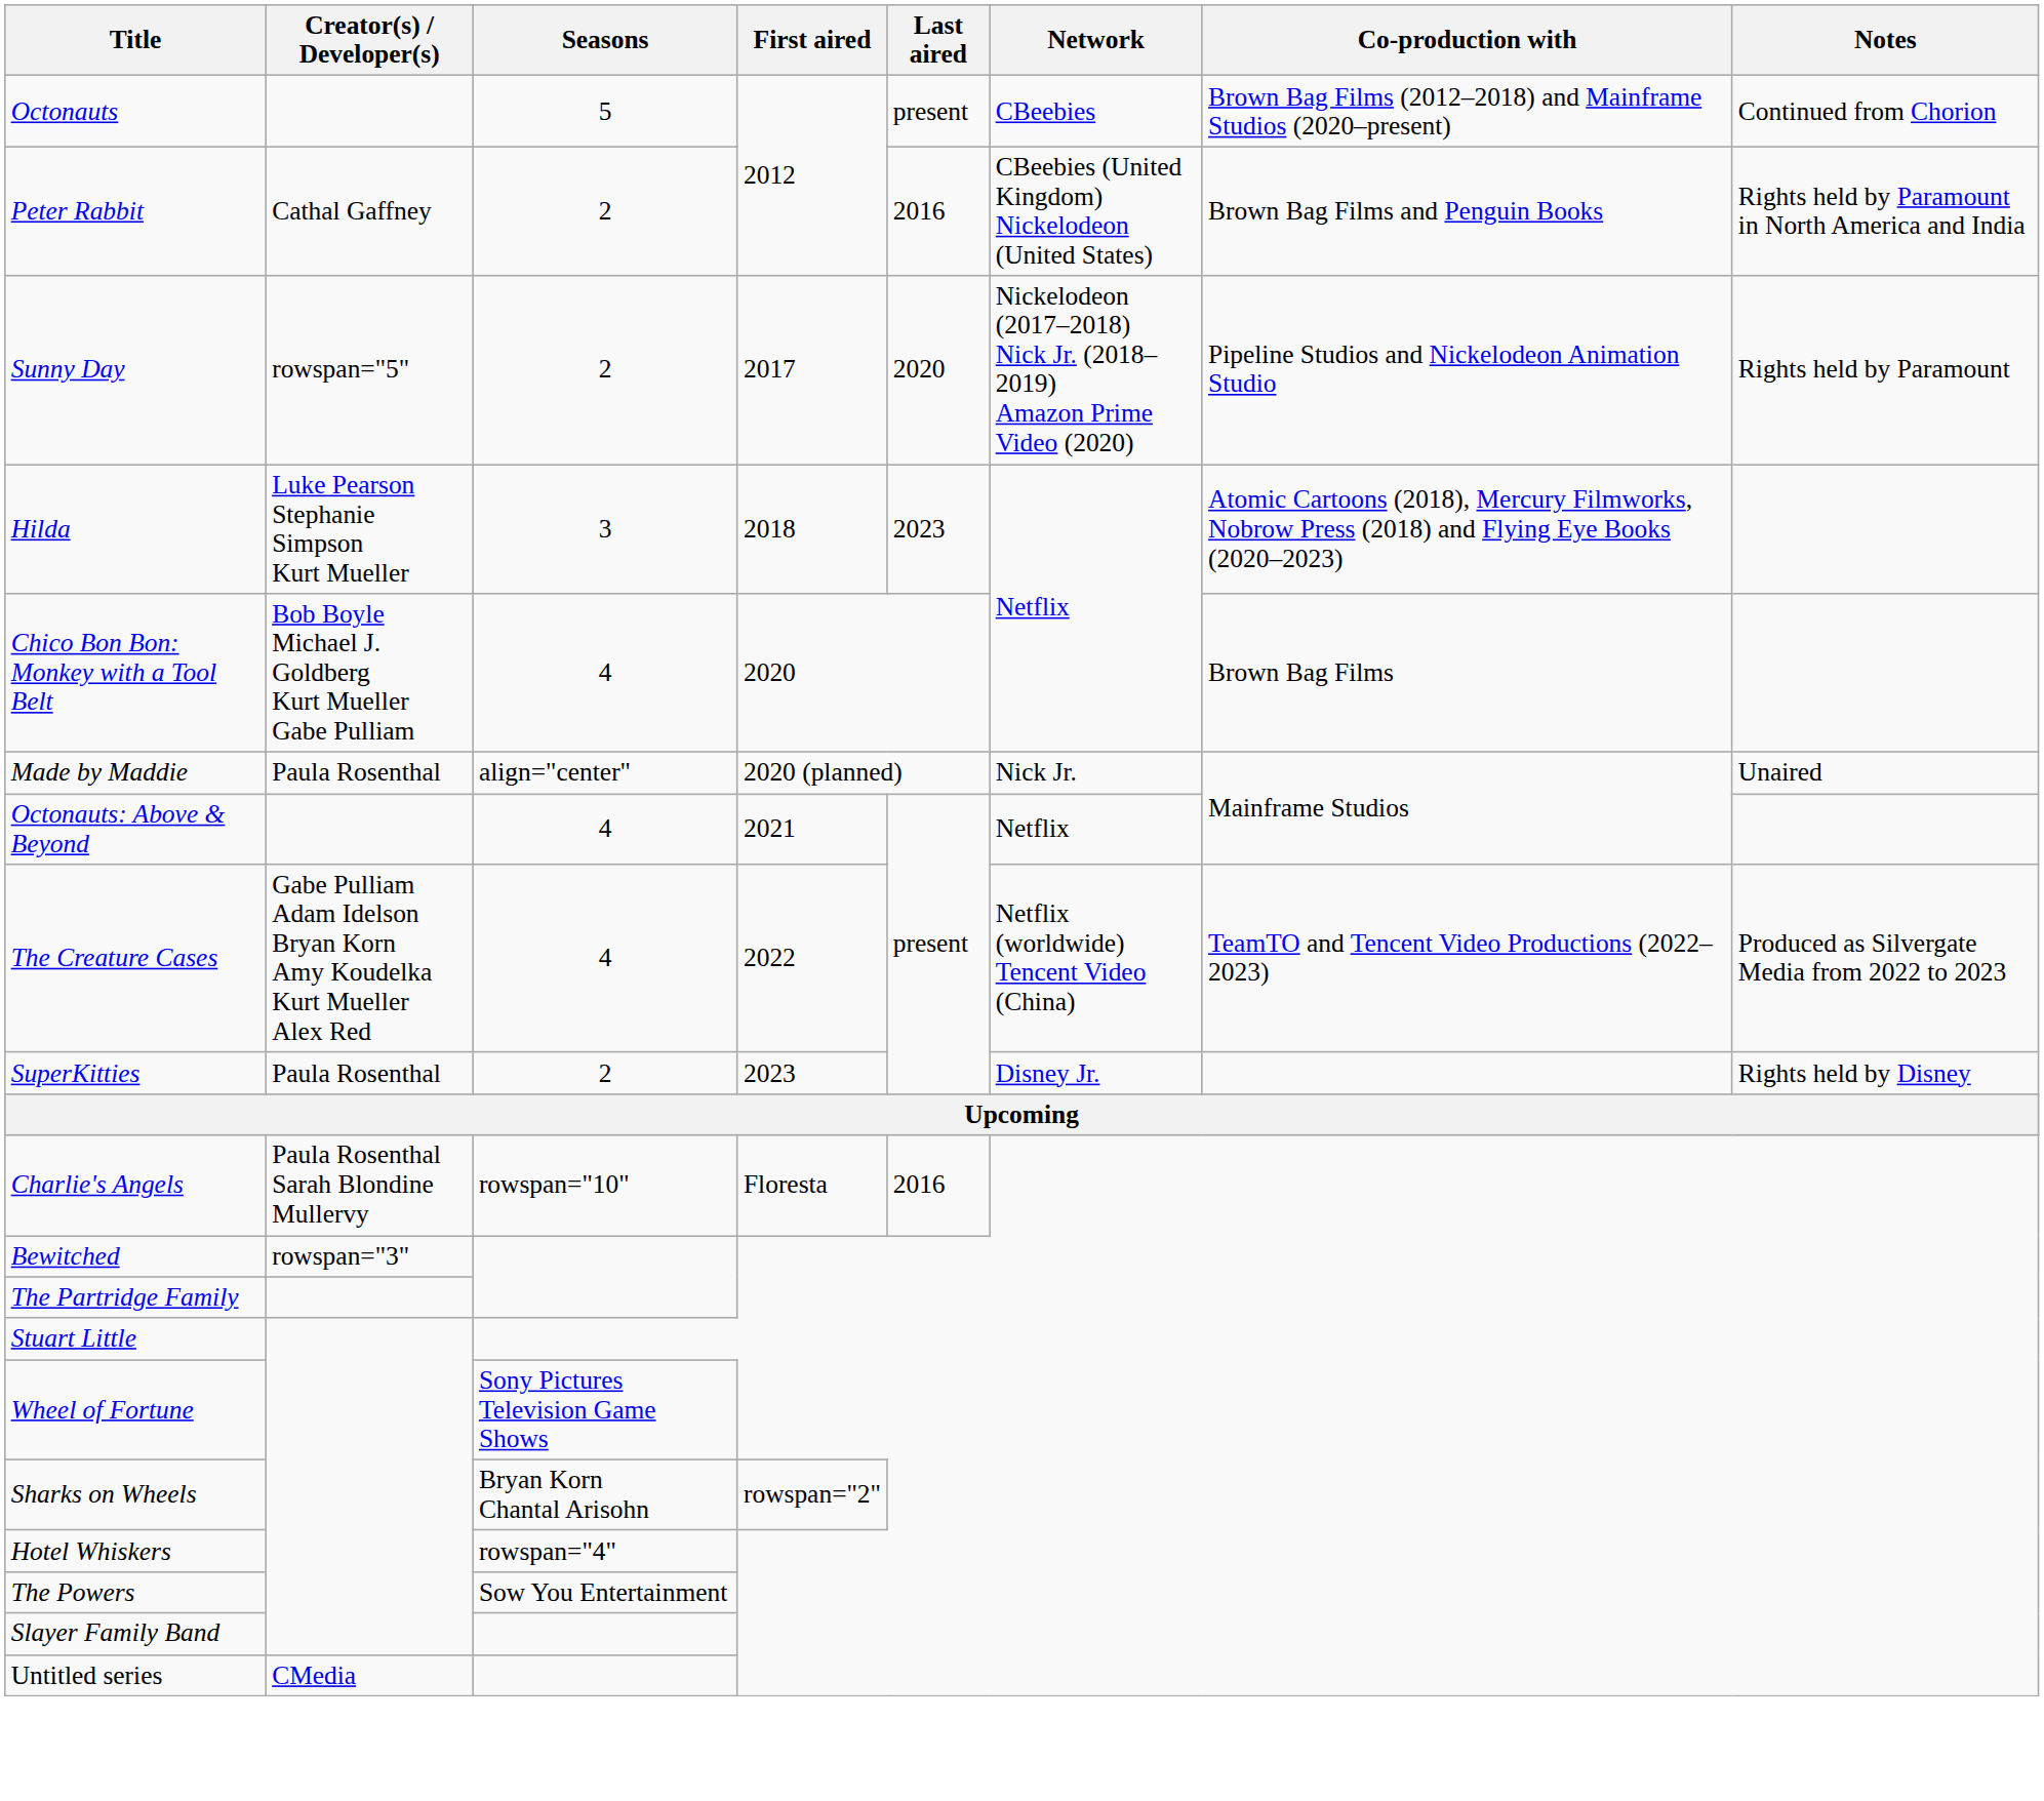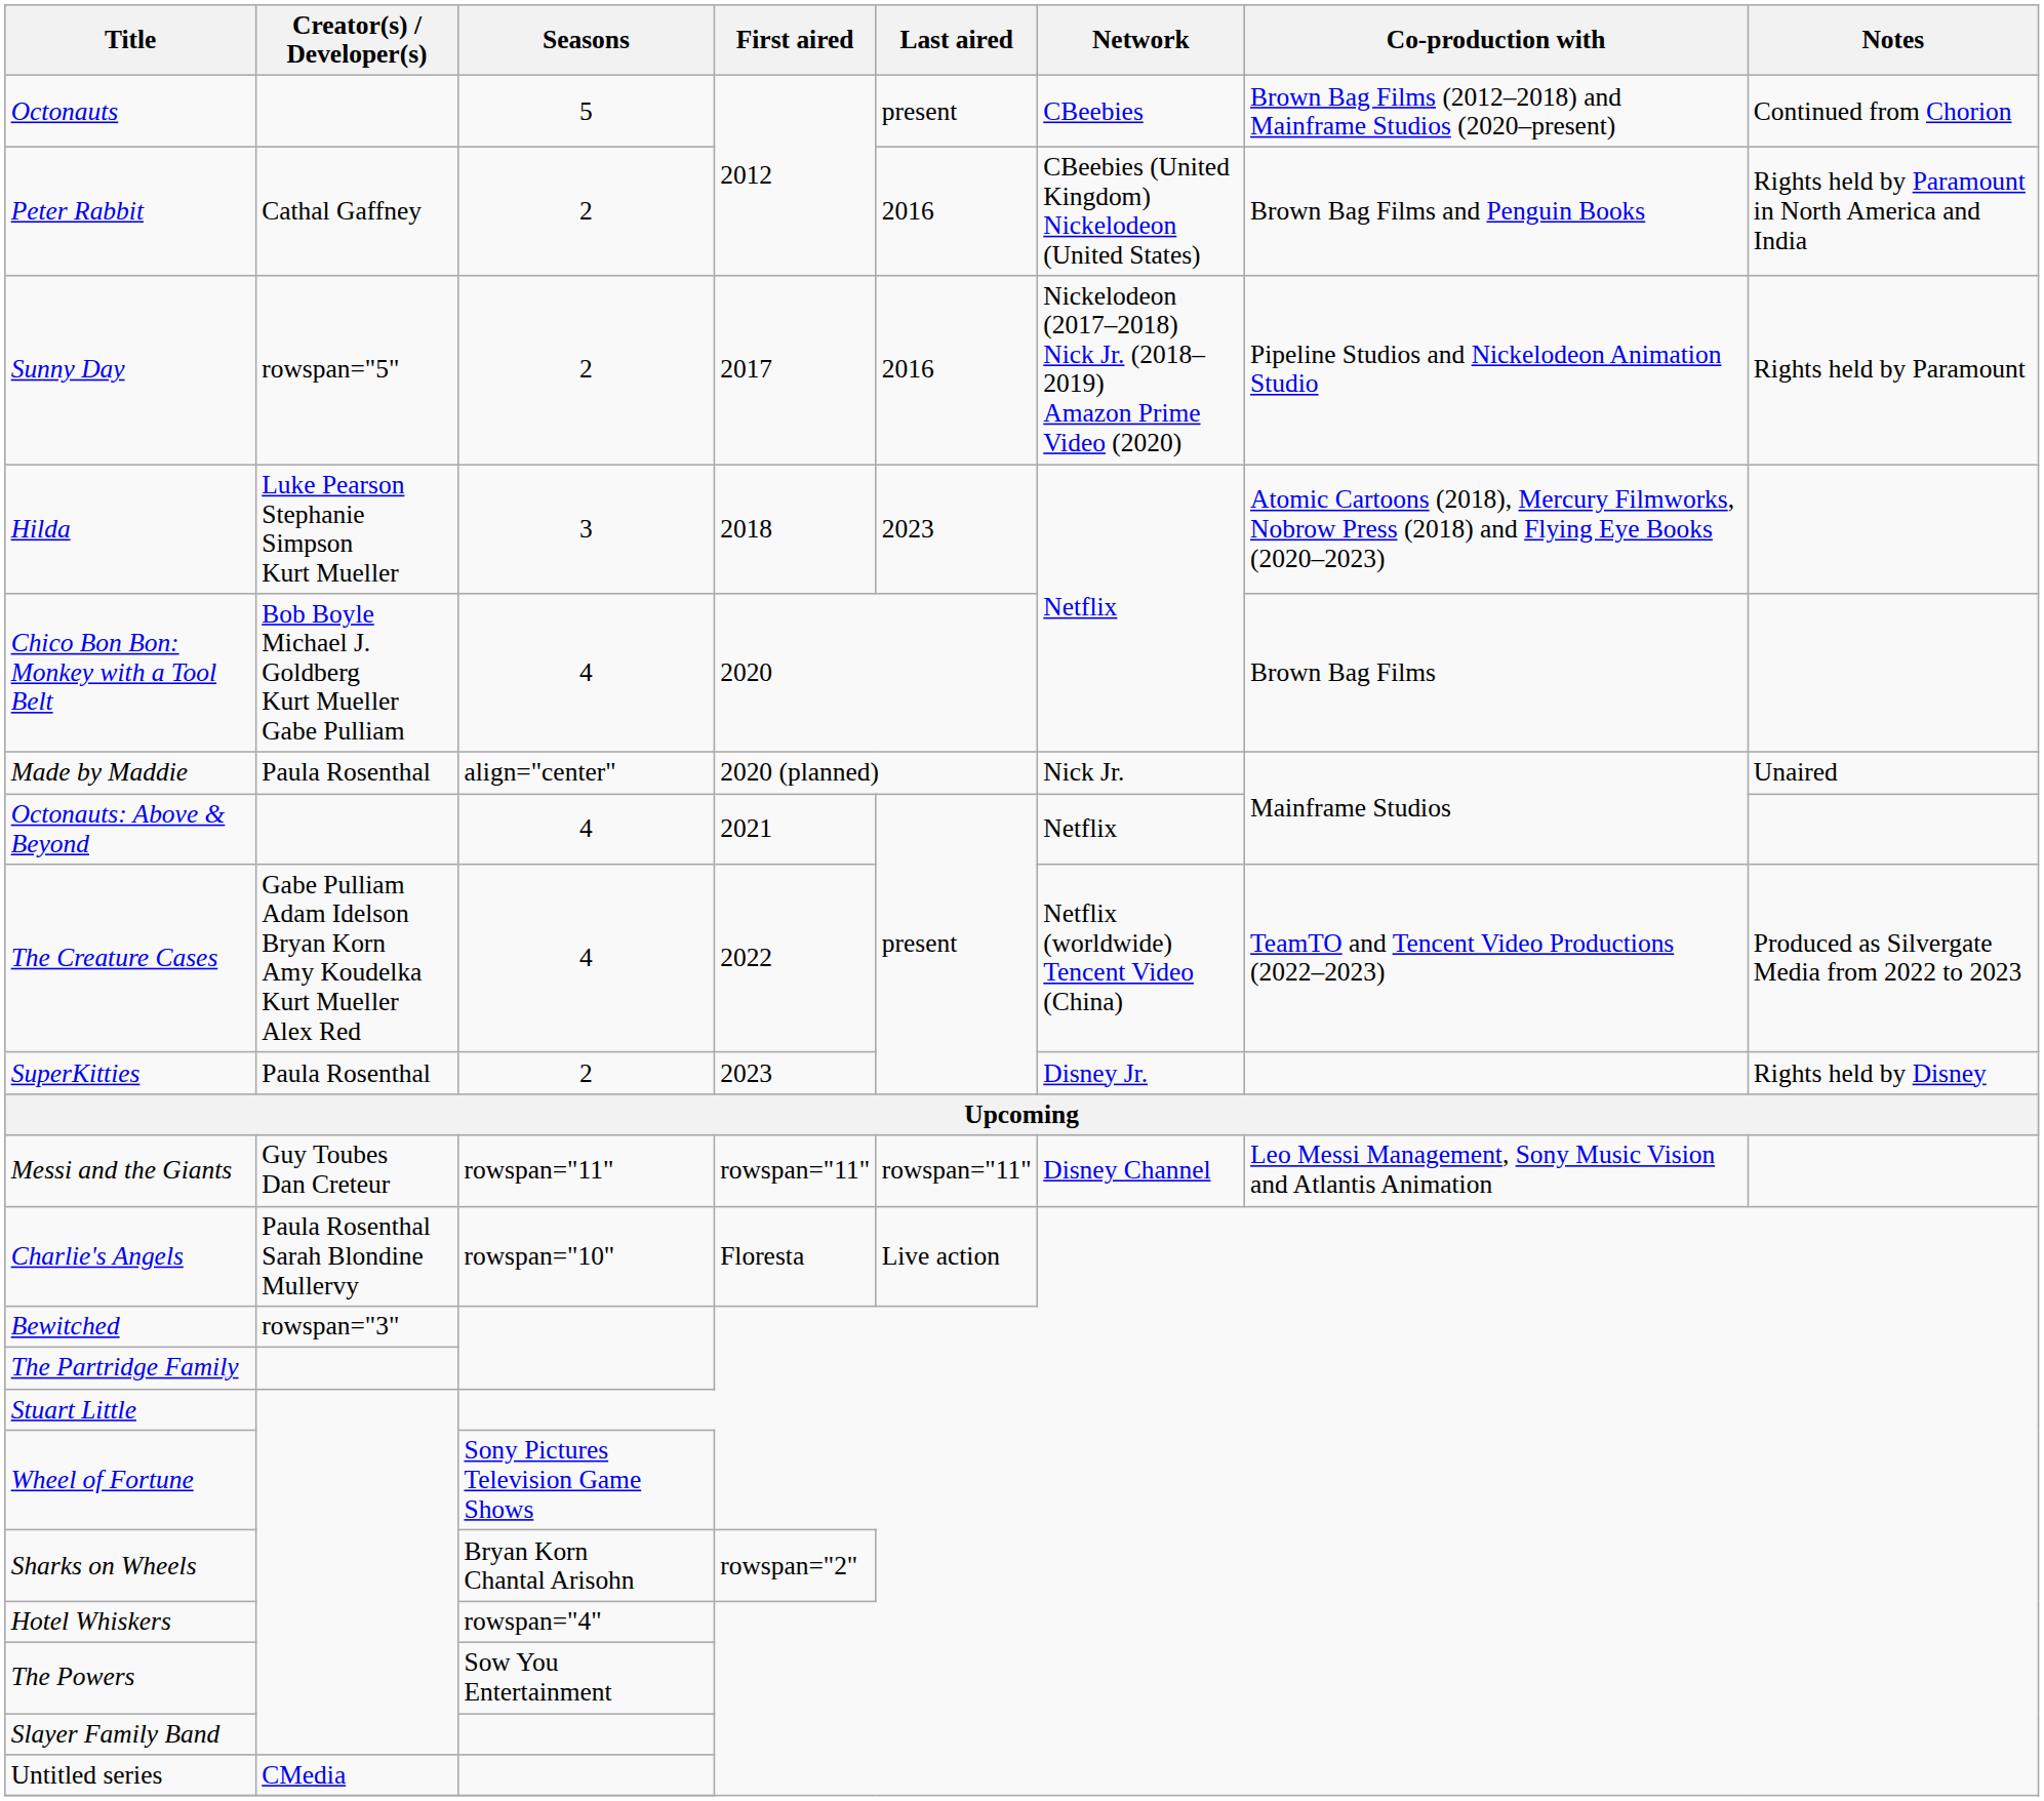 <table class="wikitable sortable">
 <tr>
 <th>Title</th>
 <th>Creator(s) / Developer(s)</th>
 <th>Seasons</th>
 <th>First aired</th>
 <th>Last aired</th>
 <th>Network</th>
 <th>Co-production with</th>
 <th>Notes</th>
 </tr>
 <tr>
 <td><em><a href='#'>Octonauts</a></em></td>
 <td></td>
 <td align="center">5</td>
 <td rowspan="2">2012</td>
 <td>present</td>
 <td><a href='#'>CBeebies</a></td>
 <td><a href='#'>Brown Bag Films</a> (2012–2018) and <a href='#'>Mainframe Studios</a> (2020–present)</td>
 <td>Continued from <a href='#'>Chorion</a></td>
 </tr>
 <tr>
 <td><em><a href='#'>Peter Rabbit</a></em></td>
 <td>Cathal Gaffney</td>
 <td align="center">2</td>
 <td>2016</td>
 <td>CBeebies (United Kingdom)<br><a href='#'>Nickelodeon</a> (United States)</td>
 <td>Brown Bag Films and <a href='#'>Penguin Books</a></td>
 <td>Rights held by <a href='#'>Paramount</a> in North America and India</td>
 </tr>
 <tr>
 <td><em><a href='#'>Sunny Day</a></em></td>
 <td>rowspan="5" </td>
 <td align="center">2</td>
 <td>2017</td>
-<td>2020</td>
+<td>2016</td>
 <td>Nickelodeon (2017–2018)<br><a href='#'>Nick Jr.</a> (2018–2019)<br><a href='#'>Amazon Prime Video</a> (2020)</td>
 <td>Pipeline Studios and <a href='#'>Nickelodeon Animation Studio</a></td>
 <td>Rights held by Paramount</td>
 </tr>
 <tr>
 <td><em><a href='#'>Hilda</a></em></td>
 <td><a href='#'>Luke Pearson</a><br>Stephanie Simpson<br>Kurt Mueller</td>
 <td align="center">3</td>
 <td>2018</td>
 <td>2023</td>
 <td rowspan="2"><a href='#'>Netflix</a></td>
 <td><a href='#'>Atomic Cartoons</a> (2018), <a href='#'>Mercury Filmworks</a>, <a href='#'>Nobrow Press</a> (2018) and <a href='#'>Flying Eye Books</a> (2020–2023)</td>
 <td></td>
 </tr>
 <tr>
 <td><em><a href='#'>Chico Bon Bon: Monkey with a Tool Belt</a></em></td>
 <td><a href='#'>Bob Boyle</a><br>Michael J. Goldberg<br>Kurt Mueller<br>Gabe Pulliam</td>
 <td align="center">4</td>
 <td colspan="2">2020</td>
 <td>Brown Bag Films</td>
 <td></td>
 </tr>
 <tr>
 <td><em>Made by Maddie</em></td>
 <td>Paula Rosenthal</td>
 <td>align="center" </td>
 <td colspan="2">2020 (planned)</td>
 <td>Nick Jr.</td>
 <td rowspan="2">Mainframe Studios</td>
 <td>Unaired</td>
 </tr>
 <tr>
 <td><em><a href='#'>Octonauts: Above & Beyond</a></em></td>
 <td></td>
 <td align="center">4</td>
 <td>2021</td>
 <td rowspan="3">present</td>
 <td>Netflix</td>
 <td></td>
 </tr>
 <tr>
 <td><em><a href='#'>The Creature Cases</a></em></td>
 <td>Gabe Pulliam<br>Adam Idelson<br>Bryan Korn<br>Amy Koudelka<br>Kurt Mueller<br>Alex Red</td>
 <td align="center">4</td>
 <td>2022</td>
 <td>Netflix (worldwide)<br><a href='#'>Tencent Video</a> (China)</td>
 <td><a href='#'>TeamTO</a> and <a href='#'>Tencent Video Productions</a> (2022–2023)</td>
 <td>Produced as Silvergate Media from 2022 to 2023</td>
 </tr>
 <tr>
 <td><em><a href='#'>SuperKitties</a></em></td>
 <td>Paula Rosenthal</td>
 <td align="center">2</td>
 <td>2023</td>
 <td><a href='#'>Disney Jr.</a></td>
 <td></td>
 <td>Rights held by <a href='#'>Disney</a></td>
 </tr>
 <tr style="background:#b0c4de;">
 <th colspan="8">Upcoming</th>
 </tr>
 <tr>
+<td><em>Messi and the Giants</em></td>
+<td>Guy Toubes<br>Dan Creteur</td>
+<td>rowspan="11" </td>
+<td>rowspan="11" </td>
+<td>rowspan="11" </td>
+<td><a href='#'>Disney Channel</a></td>
+<td><a href='#'>Leo Messi Management</a>, <a href='#'>Sony Music Vision</a> and Atlantis Animation</td>
+<td></td>
+</tr>
+<tr>
 <td><em><a href='#'>Charlie's Angels</a></em></td>
 <td>Paula Rosenthal<br>Sarah Blondine Mullervy</td>
 <td>rowspan="10" </td>
 <td>Floresta</td>
-<td>2016</td>
+<td>Live action</td>
 </tr>
 <tr>
 <td><em><a href='#'>Bewitched</a></em></td>
 <td>rowspan="3" </td>
 <td rowspan="2"></td>
 </tr>
 <tr>
 <td><em><a href='#'>The Partridge Family</a></em></td>
 </tr>
 <tr>
 <td><em><a href='#'>Stuart Little</a></em></td>
 <td rowspan="6"></td>
 </tr>
 <tr>
 <td><em><a href='#'>Wheel of Fortune</a></em></td>
 <td><a href='#'>Sony Pictures Television Game Shows</a></td>
 </tr>
 <tr>
 <td><em>Sharks on Wheels</em></td>
 <td>Bryan Korn<br>Chantal Arisohn</td>
 <td>rowspan="2" </td>
 </tr>
 <tr>
 <td><em>Hotel Whiskers</em></td>
 <td>rowspan="4" </td>
 </tr>
 <tr>
 <td><em>The Powers</em></td>
 <td>Sow You Entertainment</td>
 </tr>
 <tr>
 <td><em>Slayer Family Band</em></td>
 <td></td>
 </tr>
 <tr>
 <td>Untitled series</td>
 <td><a href='#'>CMedia</a></td>
 <td></td>
 </tr>
 <tr>
 </tr>
 </table>
